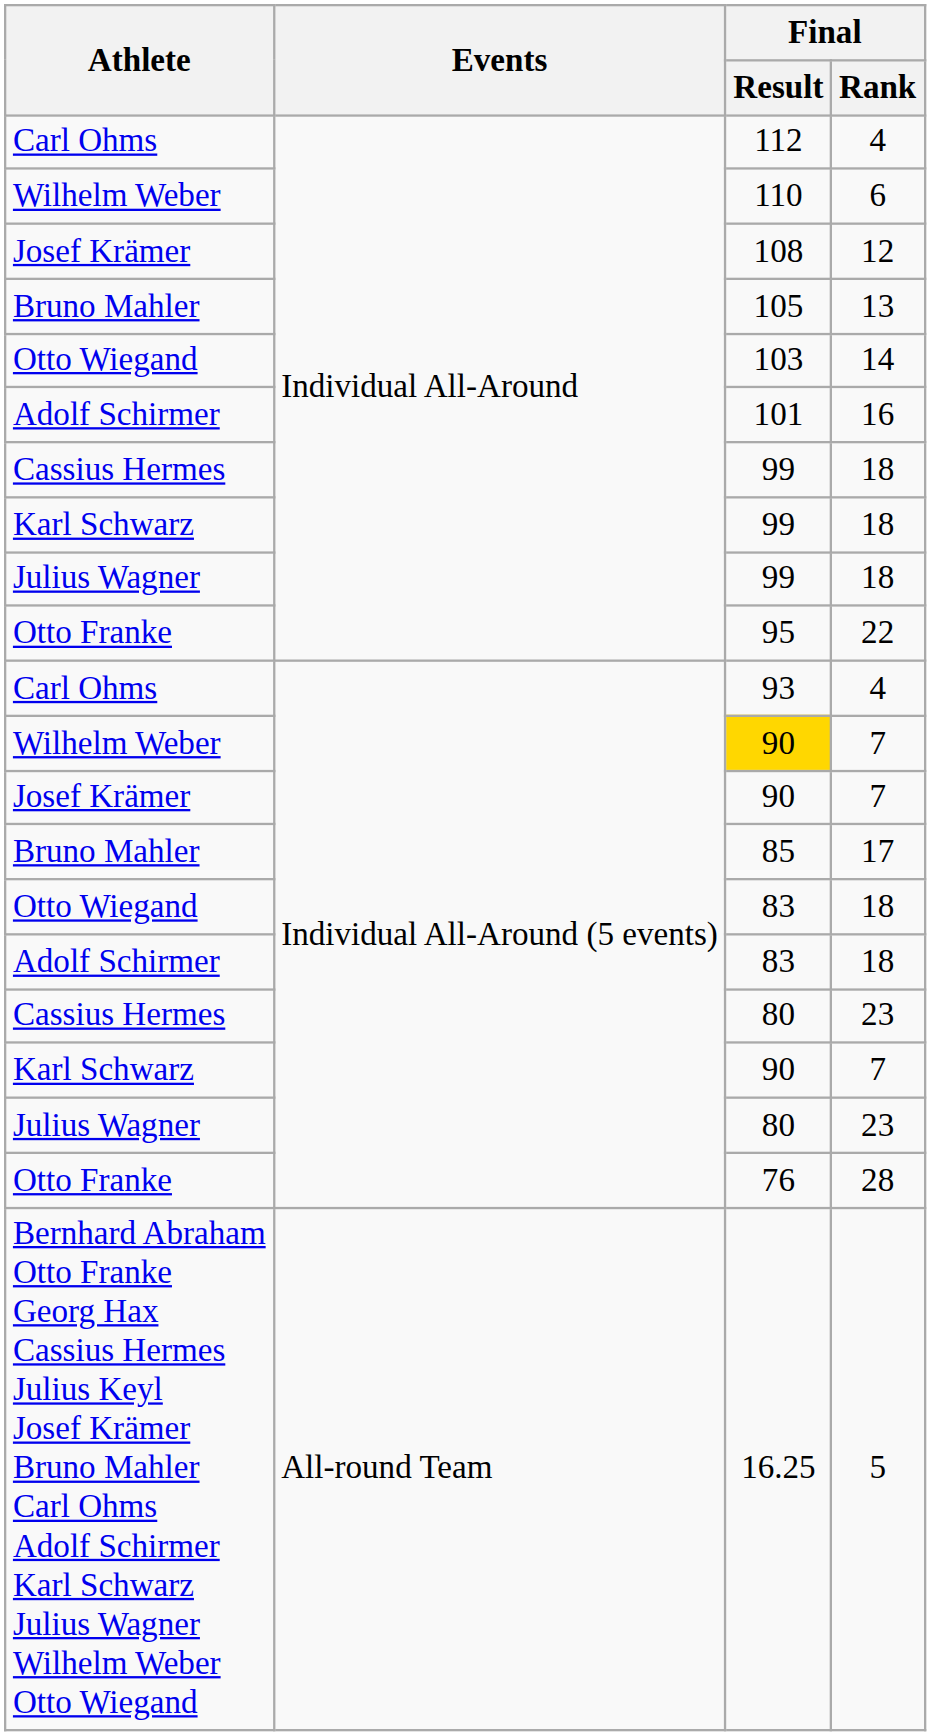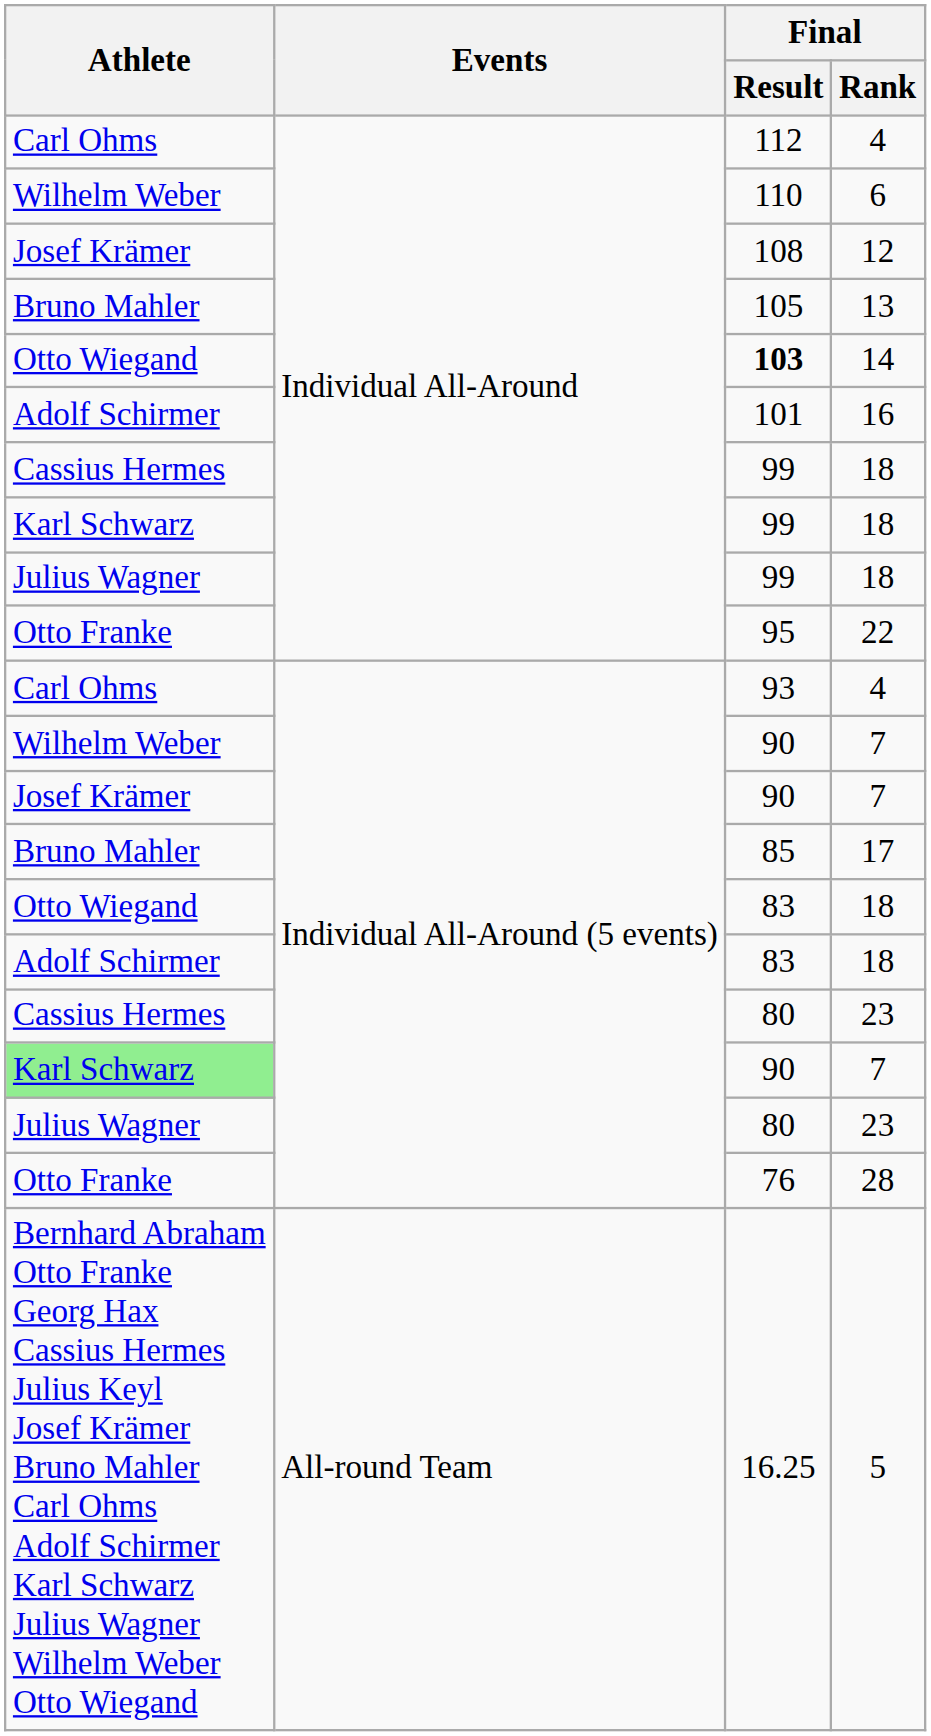 <table class=wikitable style="font-size:90%">
 <tr>
 <th rowspan="2">Athlete</th>
 <th rowspan="2">Events</th>
 <th colspan="2">Final</th>
 </tr>
 <tr>
 <th>Result</th>
 <th>Rank</th>
 </tr>
 <tr>
 <td><a href='#'>Carl Ohms</a></td>
 <td rowspan=10>Individual All-Around</td>
 <td align="center">112</td>
 <td align="center">4</td>
 </tr>
 <tr>
 <td><a href='#'>Wilhelm Weber</a></td>
 <td align="center">110</td>
 <td align="center">6</td>
 </tr>
 <tr>
 <td><a href='#'>Josef Krämer</a></td>
 <td align="center">108</td>
 <td align="center">12</td>
 </tr>
 <tr>
 <td><a href='#'>Bruno Mahler</a></td>
 <td align="center">105</td>
 <td align="center">13</td>
 </tr>
 <tr>
 <td><a href='#'>Otto Wiegand</a></td>
-<td align="center">103</td>
+<td align="center"><strong>103</strong></td>
 <td align="center">14</td>
 </tr>
 <tr>
 <td><a href='#'>Adolf Schirmer</a></td>
 <td align="center">101</td>
 <td align="center">16</td>
 </tr>
 <tr>
 <td><a href='#'>Cassius Hermes</a></td>
 <td align="center">99</td>
 <td align="center">18</td>
 </tr>
 <tr>
 <td><a href='#'>Karl Schwarz</a></td>
 <td align="center">99</td>
 <td align="center">18</td>
 </tr>
 <tr>
 <td><a href='#'>Julius Wagner</a></td>
 <td align="center">99</td>
 <td align="center">18</td>
 </tr>
 <tr>
 <td><a href='#'>Otto Franke</a></td>
 <td align="center">95</td>
 <td align="center">22</td>
 </tr>
 <tr>
 <td><a href='#'>Carl Ohms</a></td>
 <td rowspan=10>Individual All-Around (5 events)</td>
 <td align="center">93</td>
 <td align="center">4</td>
 </tr>
 <tr>
 <td><a href='#'>Wilhelm Weber</a></td>
-<td align="center" style="background: gold;">90</td>
+<td align="center">90</td>
 <td align="center">7</td>
 </tr>
 <tr>
 <td><a href='#'>Josef Krämer</a></td>
 <td align="center">90</td>
 <td align="center">7</td>
 </tr>
 <tr>
 <td><a href='#'>Bruno Mahler</a></td>
 <td align="center">85</td>
 <td align="center">17</td>
 </tr>
 <tr>
 <td><a href='#'>Otto Wiegand</a></td>
 <td align="center">83</td>
 <td align="center">18</td>
 </tr>
 <tr>
 <td><a href='#'>Adolf Schirmer</a></td>
 <td align="center">83</td>
 <td align="center">18</td>
 </tr>
 <tr>
 <td><a href='#'>Cassius Hermes</a></td>
 <td align="center">80</td>
 <td align="center">23</td>
 </tr>
 <tr>
-<td><a href='#'>Karl Schwarz</a></td>
+<td style="background: lightgreen;"><a href='#'>Karl Schwarz</a></td>
 <td align="center">90</td>
 <td align="center">7</td>
 </tr>
 <tr>
 <td><a href='#'>Julius Wagner</a></td>
 <td align="center">80</td>
 <td align="center">23</td>
 </tr>
 <tr>
 <td><a href='#'>Otto Franke</a></td>
 <td align="center">76</td>
 <td align="center">28</td>
 </tr>
 <tr>
 <td><a href='#'>Bernhard Abraham</a><br><a href='#'>Otto Franke</a><br><a href='#'>Georg Hax</a><br><a href='#'>Cassius Hermes</a><br><a href='#'>Julius Keyl</a><br><a href='#'>Josef Krämer</a><br><a href='#'>Bruno Mahler</a><br><a href='#'>Carl Ohms</a><br><a href='#'>Adolf Schirmer</a><br><a href='#'>Karl Schwarz</a><br><a href='#'>Julius Wagner</a><br><a href='#'>Wilhelm Weber</a><br><a href='#'>Otto Wiegand</a></td>
 <td>All-round Team</td>
 <td align="center">16.25</td>
 <td align="center">5</td>
 </tr>
 </table>
